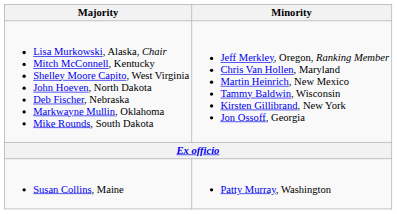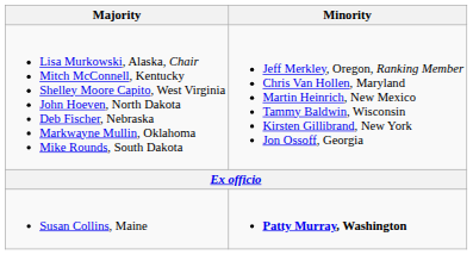 <table class=wikitable>
 <tr>
 <th>Majority</th>
 <th>Minority</th>
 </tr>
 <tr>
 <td><br><ul><li><a href='#'>Lisa Murkowski</a>, Alaska, <em>Chair</em></li><li><a href='#'>Mitch McConnell</a>, Kentucky</li><li><a href='#'>Shelley Moore Capito</a>, West Virginia</li><li><a href='#'>John Hoeven</a>, North Dakota</li><li><a href='#'>Deb Fischer</a>, Nebraska</li><li><a href='#'>Markwayne Mullin</a>, Oklahoma</li><li><a href='#'>Mike Rounds</a>, South Dakota</li></ul></td>
 <td><br><ul><li><a href='#'>Jeff Merkley</a>, Oregon, <em>Ranking Member</em></li><li><a href='#'>Chris Van Hollen</a>, Maryland</li><li><a href='#'>Martin Heinrich</a>, New Mexico</li><li><a href='#'>Tammy Baldwin</a>, Wisconsin</li><li><a href='#'>Kirsten Gillibrand</a>, New York</li><li><a href='#'>Jon Ossoff</a>, Georgia</li></ul></td>
 </tr>
 <tr>
 <th colspan=2><em><a href='#'>Ex officio</a></em></th>
 </tr>
 <tr>
 <td><br><ul><li><a href='#'>Susan Collins</a>, Maine</li></ul></td>
-<td><br><ul><li><a href='#'>Patty Murray</a>, Washington</li></ul></td>
+<td><strong><br><ul><li><a href='#'>Patty Murray</a>, Washington</li></ul></strong></td>
 </tr>
 </table>
